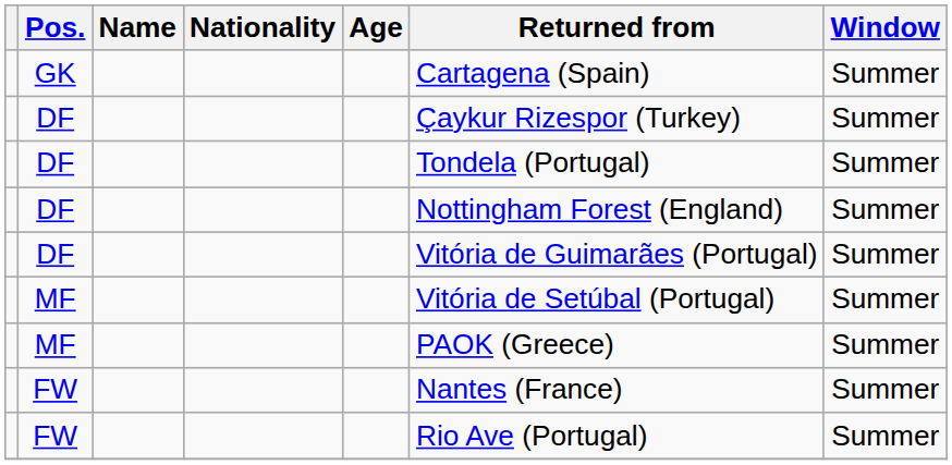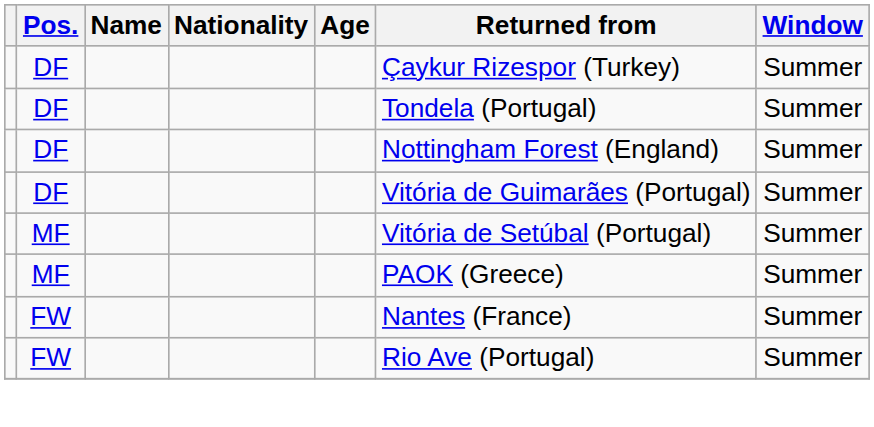 <table class="wikitable sortable" style="text-align:center;">
 <tr>
 <th scope=col></th>
 <th scope=col><a href='#'>Pos.</a></th>
 <th scope=col>Name</th>
 <th scope=col>Nationality</th>
 <th scope=col>Age</th>
 <th scope=col>Returned from</th>
 <th scope=col><a href='#'>Window</a></th>
-</tr>
-<tr>
-<td></td>
-<td><a href='#'>GK</a></td>
-<td align=left></td>
-<td align=left></td>
-<td></td>
-<td align=left><a href='#'>Cartagena</a> (Spain)</td>
-<td>Summer</td>
 </tr>
 <tr>
 <td></td>
 <td><a href='#'>DF</a></td>
 <td align=left></td>
 <td align=left></td>
 <td></td>
 <td align=left><a href='#'>Çaykur Rizespor</a> (Turkey)</td>
 <td>Summer</td>
 </tr>
 <tr>
 <td></td>
 <td><a href='#'>DF</a></td>
 <td align=left></td>
 <td align=left></td>
 <td></td>
 <td align=left><a href='#'>Tondela</a> (Portugal)</td>
 <td>Summer</td>
 </tr>
 <tr>
 <td></td>
 <td><a href='#'>DF</a></td>
 <td align=left></td>
 <td align=left></td>
 <td></td>
 <td align=left><a href='#'>Nottingham Forest</a> (England)</td>
 <td>Summer</td>
 </tr>
 <tr>
 <td></td>
 <td><a href='#'>DF</a></td>
 <td align=left></td>
 <td align=left></td>
 <td></td>
 <td align=left><a href='#'>Vitória de Guimarães</a> (Portugal)</td>
 <td>Summer</td>
 </tr>
 <tr>
 <td></td>
 <td><a href='#'>MF</a></td>
 <td align=left></td>
 <td align=left></td>
 <td></td>
 <td align=left><a href='#'>Vitória de Setúbal</a> (Portugal)</td>
 <td>Summer</td>
 </tr>
 <tr>
 <td></td>
 <td><a href='#'>MF</a></td>
 <td align=left></td>
 <td align=left></td>
 <td></td>
 <td align=left><a href='#'>PAOK</a> (Greece)</td>
 <td>Summer</td>
 </tr>
 <tr>
 <td></td>
 <td><a href='#'>FW</a></td>
 <td align=left></td>
 <td align=left></td>
 <td></td>
 <td align=left><a href='#'>Nantes</a> (France)</td>
 <td>Summer</td>
 </tr>
 <tr>
 <td></td>
 <td><a href='#'>FW</a></td>
 <td align=left></td>
 <td align=left></td>
 <td></td>
 <td align=left><a href='#'>Rio Ave</a> (Portugal)</td>
 <td>Summer</td>
 </tr>
 <tr>
 </tr>
 </table>
